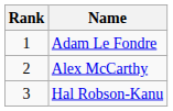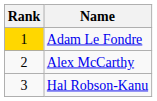 <table class="wikitable" style="text-align:center; border:1px #aaa solid; font-size:95%">
 <tr>
 <th>Rank</th>
 <th>Name</th>
 </tr>
 <tr>
-<td>1</td>
+<td style="background: gold;">1</td>
 <td align=left><a href='#'>Adam Le Fondre</a></td>
 </tr>
 <tr>
 <td>2</td>
 <td align=left><a href='#'>Alex McCarthy</a></td>
 </tr>
 <tr>
 <td>3</td>
 <td align=left><a href='#'>Hal Robson-Kanu</a></td>
 </tr>
 </table>
